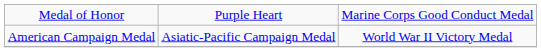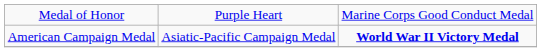 <table class="wikitable" style="margin:1em auto; text-align:center;">
 <tr>
 <td><a href='#'>Medal of Honor</a></td>
 <td><a href='#'>Purple Heart</a></td>
 <td><a href='#'>Marine Corps Good Conduct Medal</a></td>
 </tr>
 <tr>
 <td><a href='#'>American Campaign Medal</a></td>
 <td><a href='#'>Asiatic-Pacific Campaign Medal</a></td>
-<td><a href='#'>World War II Victory Medal</a></td>
+<td><strong><a href='#'>World War II Victory Medal</a></strong></td>
 </tr>
 <tr>
 </tr>
 </table>
